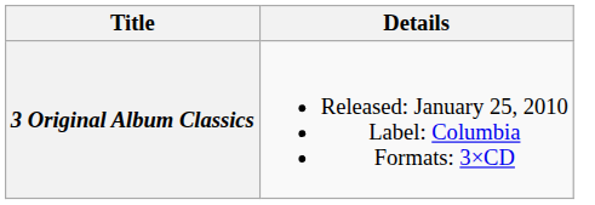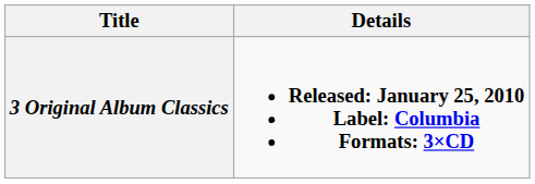 <table class="wikitable plainrowheaders" style="text-align:center;">
 <tr>
 <th>Title</th>
 <th>Details</th>
 </tr>
 <tr>
 <th scope="row"><em>3 Original Album Classics</em></th>
-<td><br><ul><li>Released: January 25, 2010 </li><li>Label: <a href='#'>Columbia</a></li><li>Formats: <a href='#'>3×CD</a></li></ul></td>
+<td><strong><br><ul><li>Released: January 25, 2010 </li><li>Label: <a href='#'>Columbia</a></li><li>Formats: <a href='#'>3×CD</a></li></ul></strong></td>
 </tr>
 </table>
